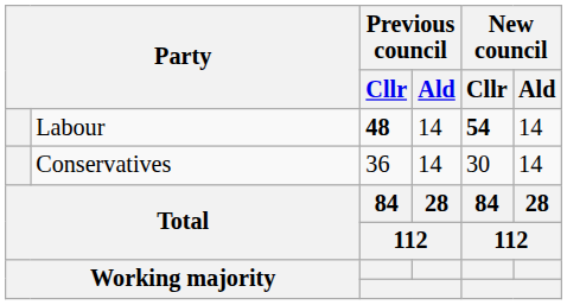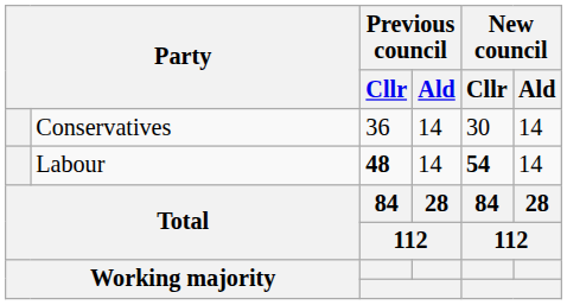 <table class="wikitable">
 <tr>
 <th colspan="2" rowspan="2" style="width: 230px">Party</th>
 <th valign=top colspan="2" style="width: 30px">Previous council</th>
 <th valign=top colspan="2" style="width: 30px">New council</th>
 </tr>
 <tr>
 <th><a href='#'>Cllr</a></th>
 <th><a href='#'>Ald</a></th>
 <th>Cllr</th>
 <th>Ald</th>
 </tr>
 <tr>
 <th style="background-color: "></th>
+<td>Conservatives</td>
+<td>36</td>
+<td>14</td>
+<td>30</td>
+<td>14</td>
+</tr>
+<tr>
+<th style="background-color: "></th>
 <td>Labour</td>
 <td><strong>48</strong></td>
 <td>14</td>
 <td><strong>54</strong></td>
-<td>14</td>
-</tr>
-<tr>
-<th style="background-color: "></th>
-<td>Conservatives</td>
-<td>36</td>
-<td>14</td>
-<td>30</td>
 <td>14</td>
 </tr>
 <tr>
 <th colspan="2" rowspan="2">Total</th>
 <th style="text-align: center">84</th>
 <th style="text-align: center">28</th>
 <th style="text-align: center">84</th>
 <th style="text-align: center">28</th>
 </tr>
 <tr>
 <th colspan="2" style="text-align: center">112</th>
 <th colspan="2" style="text-align: center">112</th>
 </tr>
 <tr>
 <th colspan="2" rowspan="2">Working majority</th>
 <th></th>
 <th></th>
 <th></th>
 <th></th>
 </tr>
 <tr>
 <th colspan="2"></th>
 <th colspan="2"></th>
 </tr>
 </table>
